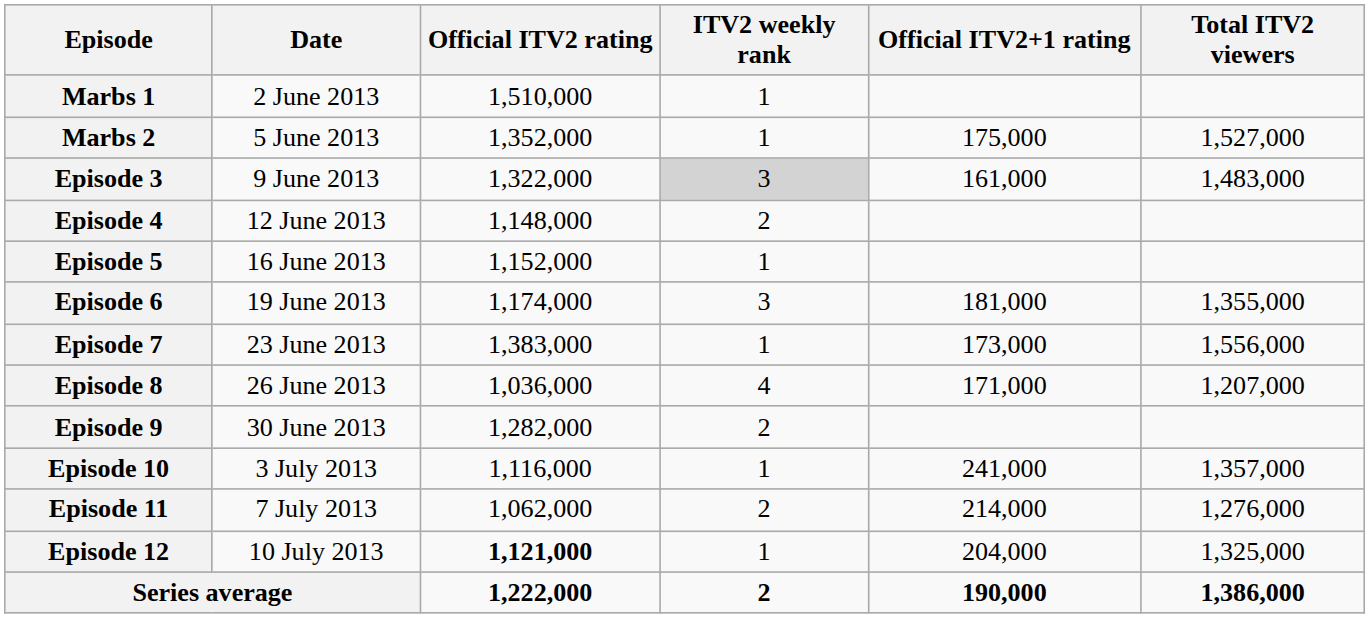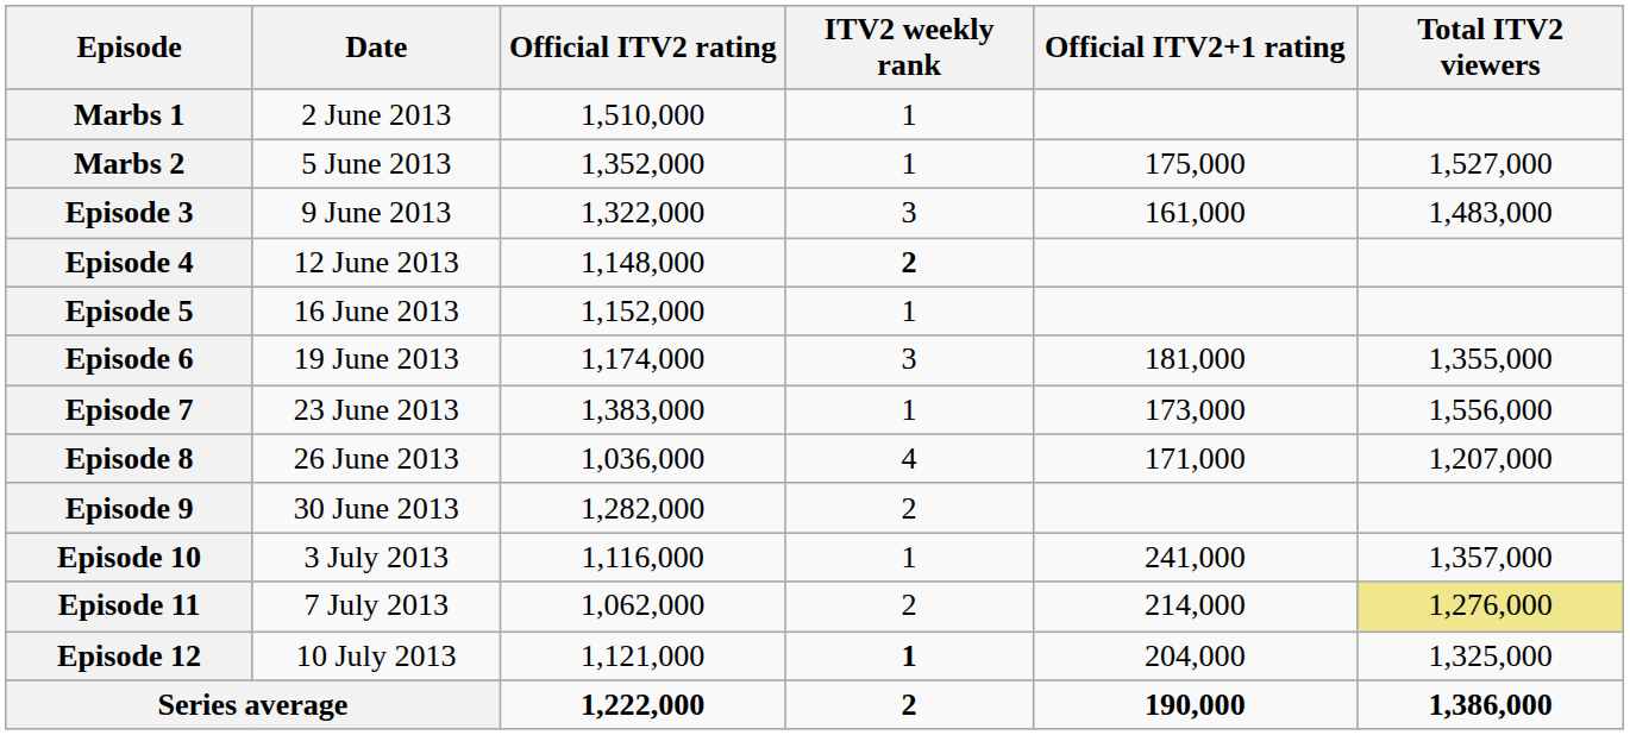 <table class="wikitable sortable" style="text-align:center">
 <tr>
 <th scope="col" style="width:120px;">Episode</th>
 <th scope="col" style="width:120px;">Date</th>
 <th scope="col" style="width:140px;">Official ITV2 rating</th>
 <th scope="col" style="width:120px;">ITV2 weekly rank</th>
 <th scope="col" style="width:160px;">Official ITV2+1 rating</th>
 <th scope="col" style="width:130px;">Total ITV2 viewers</th>
 </tr>
 <tr>
 <th scope="row">Marbs 1</th>
 <td>2 June 2013</td>
 <td>1,510,000</td>
 <td>1</td>
 <td></td>
 <td></td>
 </tr>
 <tr>
 <th scope="row">Marbs 2</th>
 <td>5 June 2013</td>
 <td>1,352,000</td>
 <td>1</td>
 <td>175,000</td>
 <td>1,527,000</td>
 </tr>
 <tr>
 <th scope="row">Episode 3</th>
 <td>9 June 2013</td>
 <td>1,322,000</td>
-<td style="background: lightgrey;">3</td>
+<td>3</td>
 <td>161,000</td>
 <td>1,483,000</td>
 </tr>
 <tr>
 <th scope="row">Episode 4</th>
 <td>12 June 2013</td>
 <td>1,148,000</td>
-<td>2</td>
+<td><strong>2</strong></td>
 <td></td>
 <td></td>
 </tr>
 <tr>
 <th scope="row">Episode 5</th>
 <td>16 June 2013</td>
 <td>1,152,000</td>
 <td>1</td>
 <td></td>
 <td></td>
 </tr>
 <tr>
 <th scope="row">Episode 6</th>
 <td>19 June 2013</td>
 <td>1,174,000</td>
 <td>3</td>
 <td>181,000</td>
 <td>1,355,000</td>
 </tr>
 <tr>
 <th scope="row">Episode 7</th>
 <td>23 June 2013</td>
 <td>1,383,000</td>
 <td>1</td>
 <td>173,000</td>
 <td>1,556,000</td>
 </tr>
 <tr>
 <th scope="row">Episode 8</th>
 <td>26 June 2013</td>
 <td>1,036,000</td>
 <td>4</td>
 <td>171,000</td>
 <td>1,207,000</td>
 </tr>
 <tr>
 <th scope="row">Episode 9</th>
 <td>30 June 2013</td>
 <td>1,282,000</td>
 <td>2</td>
 <td></td>
 <td></td>
 </tr>
 <tr>
 <th scope="row">Episode 10</th>
 <td>3 July 2013</td>
 <td>1,116,000</td>
 <td>1</td>
 <td>241,000</td>
 <td>1,357,000</td>
 </tr>
 <tr>
 <th scope="row">Episode 11</th>
 <td>7 July 2013</td>
 <td>1,062,000</td>
 <td>2</td>
 <td>214,000</td>
-<td>1,276,000</td>
+<td style="background: khaki;">1,276,000</td>
 </tr>
 <tr>
 <th scope="row">Episode 12</th>
 <td>10 July 2013</td>
-<td><strong>1,121,000</strong></td>
-<td>1</td>
+<td>1,121,000</td>
+<td><strong>1</strong></td>
 <td>204,000</td>
 <td>1,325,000</td>
 </tr>
 <tr>
 <th colspan=2 scope="row">Series average</th>
 <td><strong>1,222,000</strong></td>
 <td><strong>2</strong></td>
 <td><strong>190,000</strong></td>
 <td><strong>1,386,000</strong></td>
 </tr>
 </table>
